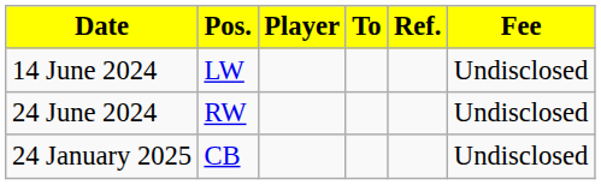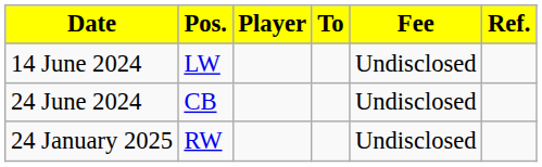 <table class="wikitable plainrowheaders sortable">
 <tr>
 <th style="background: yellow; color: black; ">Date</th>
 <th style="background: yellow; color: black; ">Pos.</th>
 <th style="background: yellow; color: black; ">Player</th>
 <th style="background: yellow; color: black; ">To</th>
+<th style="background: yellow; color: black; ">Fee</th>
 <th style="background: yellow; color: black; ">Ref.</th>
-<th style="background: yellow; color: black; ">Fee</th>
 </tr>
 <tr>
 <td>14 June 2024</td>
 <td><a href='#'>LW</a></td>
 <td></td>
 <td></td>
+<td>Undisclosed</td>
 <td></td>
-<td>Undisclosed</td>
 </tr>
 <tr>
 <td>24 June 2024</td>
+<td><a href='#'>CB</a></td>
+<td></td>
+<td></td>
+<td>Undisclosed</td>
+<td></td>
+</tr>
+<tr>
+<td>24 January 2025</td>
 <td><a href='#'>RW</a></td>
 <td></td>
 <td></td>
+<td>Undisclosed</td>
 <td></td>
-<td>Undisclosed</td>
-</tr>
-<tr>
-<td>24 January 2025</td>
-<td><a href='#'>CB</a></td>
-<td></td>
-<td></td>
-<td></td>
-<td>Undisclosed</td>
 </tr>
 </table>
